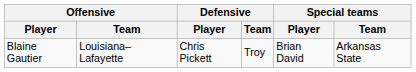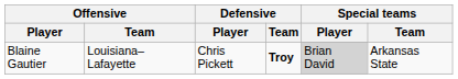 <table class="wikitable">
 <tr>
 <th colspan="2">Offensive</th>
 <th colspan="2">Defensive</th>
 <th colspan="2">Special teams</th>
 </tr>
 <tr>
 <th>Player</th>
 <th>Team</th>
 <th>Player</th>
 <th>Team</th>
 <th>Player</th>
 <th>Team</th>
 </tr>
 <tr>
 <td>Blaine Gautier</td>
 <td>Louisiana–Lafayette</td>
 <td>Chris Pickett</td>
-<td>Troy</td>
-<td>Brian David</td>
+<td><strong>Troy</strong></td>
+<td style="background: lightgrey;">Brian David</td>
 <td>Arkansas State</td>
 </tr>
 </table>
